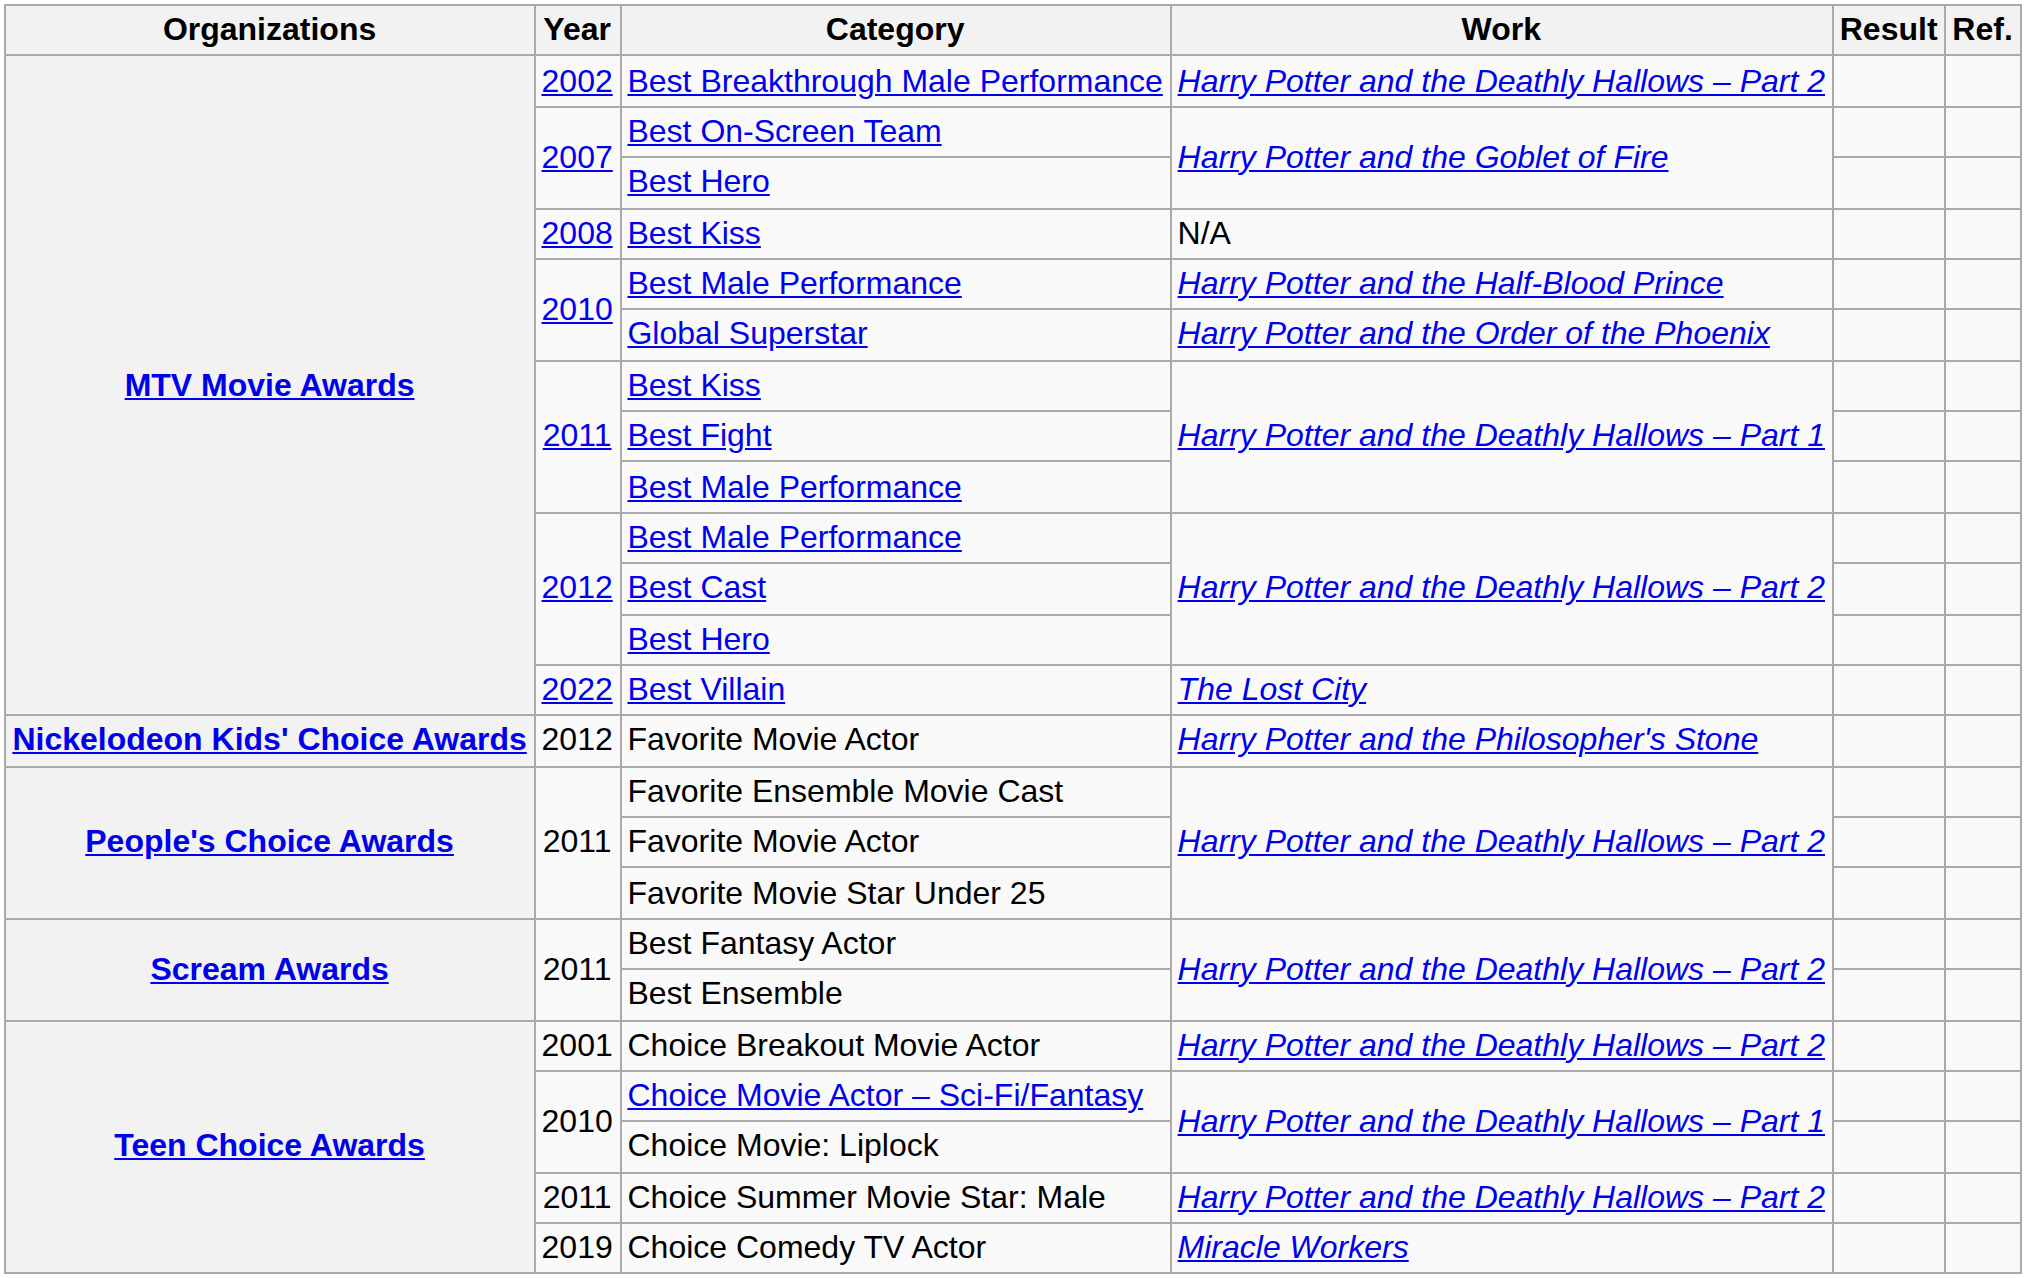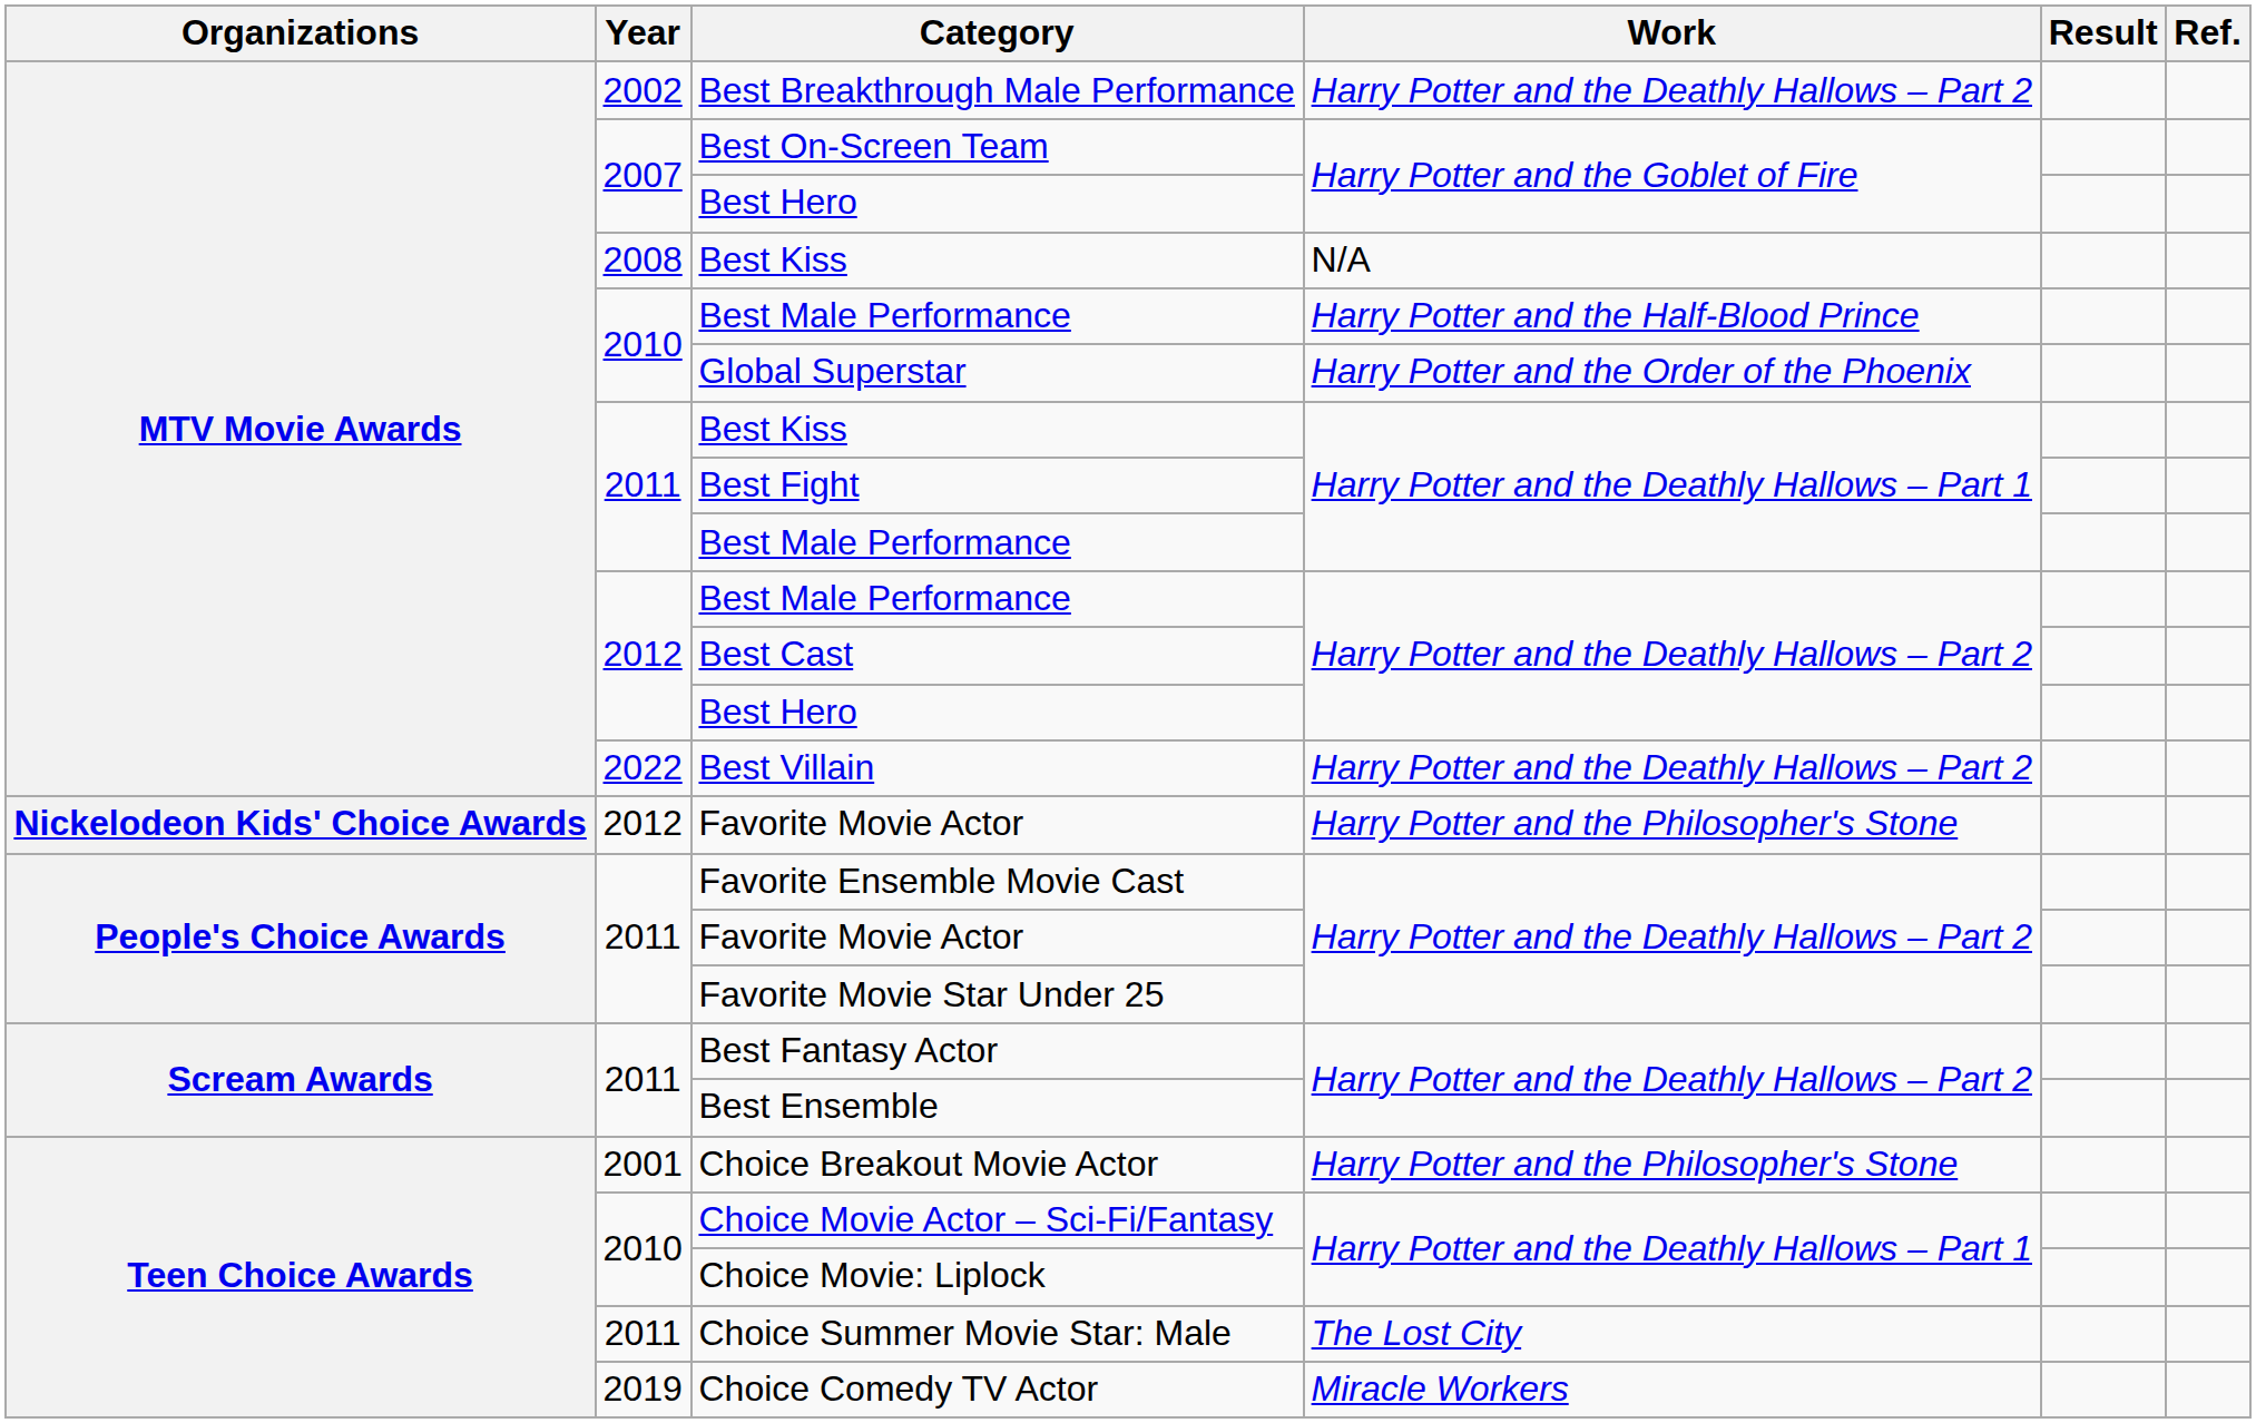 <table class="wikitable sortable plainrowheaders">
 <tr>
 <th>Organizations</th>
 <th>Year</th>
 <th>Category</th>
 <th>Work</th>
 <th>Result</th>
 <th class="unsortable">Ref.</th>
 </tr>
 <tr>
 <th rowspan="13" scope="row"><a href='#'>MTV Movie Awards</a></th>
 <td style="text-align:center;"><a href='#'>2002</a></td>
 <td><a href='#'>Best Breakthrough Male Performance</a></td>
 <td><em><a href='#'>Harry Potter and the Deathly Hallows – Part 2</a></em></td>
 <td></td>
 <td style="text-align:center;"></td>
 </tr>
 <tr>
 <td rowspan=2, style="text-align:center;"><a href='#'>2007</a></td>
 <td><a href='#'>Best On-Screen Team</a></td>
 <td rowspan=2><em><a href='#'>Harry Potter and the Goblet of Fire</a></em></td>
 <td></td>
 <td style="text-align:center;"></td>
 </tr>
 <tr>
 <td><a href='#'>Best Hero</a></td>
 <td></td>
 <td></td>
 </tr>
 <tr>
 <td style="text-align:center;"><a href='#'>2008</a></td>
 <td><a href='#'>Best Kiss</a></td>
 <td>N/A</td>
 <td></td>
 <td style="text-align:center;"></td>
 </tr>
 <tr>
 <td rowspan=2, style="text-align:center;"><a href='#'>2010</a></td>
 <td><a href='#'>Best Male Performance</a></td>
 <td><em><a href='#'>Harry Potter and the Half-Blood Prince</a></em></td>
 <td></td>
 <td style="text-align:center;"></td>
 </tr>
 <tr>
 <td><a href='#'>Global Superstar</a></td>
 <td><em><a href='#'>Harry Potter and the Order of the Phoenix</a></em></td>
 <td></td>
 <td></td>
 </tr>
 <tr>
 <td rowspan=3, style="text-align:center;"><a href='#'>2011</a></td>
 <td><a href='#'>Best Kiss</a></td>
 <td rowspan=3><em><a href='#'>Harry Potter and the Deathly Hallows – Part 1</a></em></td>
 <td></td>
 <td style="text-align:center;"></td>
 </tr>
 <tr>
 <td><a href='#'>Best Fight</a></td>
 <td></td>
 <td></td>
 </tr>
 <tr>
 <td><a href='#'>Best Male Performance</a></td>
 <td></td>
 <td></td>
 </tr>
 <tr>
 <td rowspan=3, style="text-align:center;"><a href='#'>2012</a></td>
 <td><a href='#'>Best Male Performance</a></td>
 <td rowspan=3><em><a href='#'>Harry Potter and the Deathly Hallows – Part 2</a></em></td>
 <td></td>
 <td style="text-align:center;"></td>
 </tr>
 <tr>
 <td><a href='#'>Best Cast</a></td>
 <td></td>
 <td></td>
 </tr>
 <tr>
 <td><a href='#'>Best Hero</a></td>
 <td></td>
 <td></td>
 </tr>
 <tr>
 <td style="text-align:center"><a href='#'>2022</a></td>
 <td><a href='#'>Best Villain</a></td>
-<td><em><a href='#'>The Lost City</a></em></td>
+<td><em><a href='#'>Harry Potter and the Deathly Hallows – Part 2</a></em></td>
 <td></td>
 <td style="text-align:center;"></td>
 </tr>
 <tr>
 <th rowspan="1" scope="row"><a href='#'>Nickelodeon Kids' Choice Awards</a></th>
 <td style="text-align:center;">2012</td>
 <td>Favorite Movie Actor</td>
 <td><em><a href='#'>Harry Potter and the Philosopher's Stone</a></em></td>
 <td></td>
 <td></td>
 </tr>
 <tr>
 <th rowspan="3" scope="row"><a href='#'>People's Choice Awards</a></th>
 <td style="text-align:center;", rowspan=3>2011</td>
 <td>Favorite Ensemble Movie Cast</td>
 <td rowspan=3><em><a href='#'>Harry Potter and the Deathly Hallows – Part 2</a></em></td>
 <td></td>
 <td style="text-align:center;"></td>
 </tr>
 <tr>
 <td>Favorite Movie Actor</td>
 <td></td>
 <td></td>
 </tr>
 <tr>
 <td>Favorite Movie Star Under 25</td>
 <td></td>
 <td></td>
 </tr>
 <tr>
 <th rowspan="2" scope="row"><a href='#'>Scream Awards</a></th>
 <td style="text-align:center;", rowspan=2>2011</td>
 <td>Best Fantasy Actor</td>
 <td rowspan=2><em><a href='#'>Harry Potter and the Deathly Hallows – Part 2</a></em></td>
 <td></td>
 <td></td>
 </tr>
 <tr>
 <td>Best Ensemble</td>
 <td></td>
 <td style="text-align:center;"></td>
 </tr>
 <tr>
 <th rowspan="6" scope="row"><a href='#'>Teen Choice Awards</a></th>
 <td style="text-align:center;">2001</td>
 <td>Choice Breakout Movie Actor</td>
-<td><em><a href='#'>Harry Potter and the Deathly Hallows – Part 2</a></em></td>
+<td><em><a href='#'>Harry Potter and the Philosopher's Stone</a></em></td>
 <td></td>
 <td style="text-align:center;"></td>
 </tr>
 <tr>
 <td style="text-align:center;", rowspan=2>2010</td>
 <td><a href='#'>Choice Movie Actor – Sci-Fi/Fantasy</a></td>
 <td rowspan=2><em><a href='#'>Harry Potter and the Deathly Hallows – Part 1</a></em></td>
 <td></td>
 <td style="text-align:center;"></td>
 </tr>
 <tr>
 <td>Choice Movie: Liplock</td>
 <td></td>
 <td></td>
 </tr>
 <tr>
 <td style="text-align:center;">2011</td>
 <td>Choice Summer Movie Star: Male</td>
-<td><em><a href='#'>Harry Potter and the Deathly Hallows – Part 2</a></em></td>
+<td><em><a href='#'>The Lost City</a></em></td>
 <td></td>
 <td></td>
 </tr>
 <tr>
 <td style="text-align:center;">2019</td>
 <td>Choice Comedy TV Actor</td>
 <td><em><a href='#'>Miracle Workers</a></em></td>
 <td></td>
 <td></td>
 </tr>
 </table>
